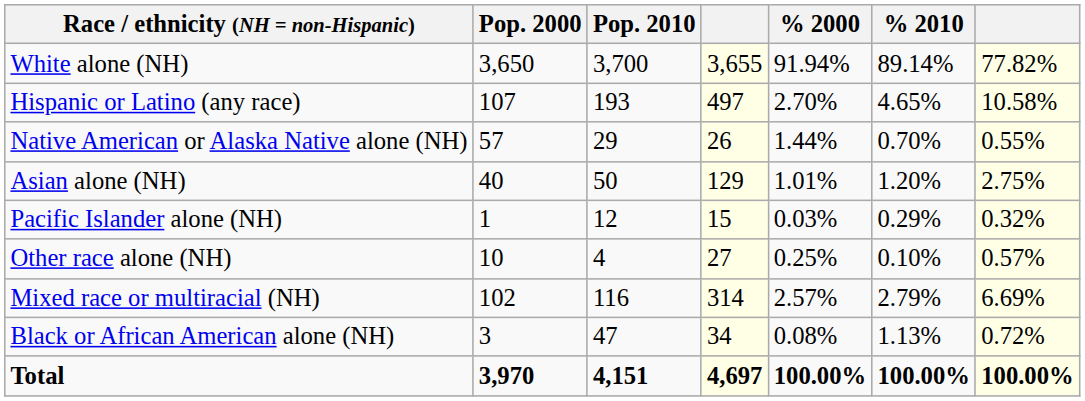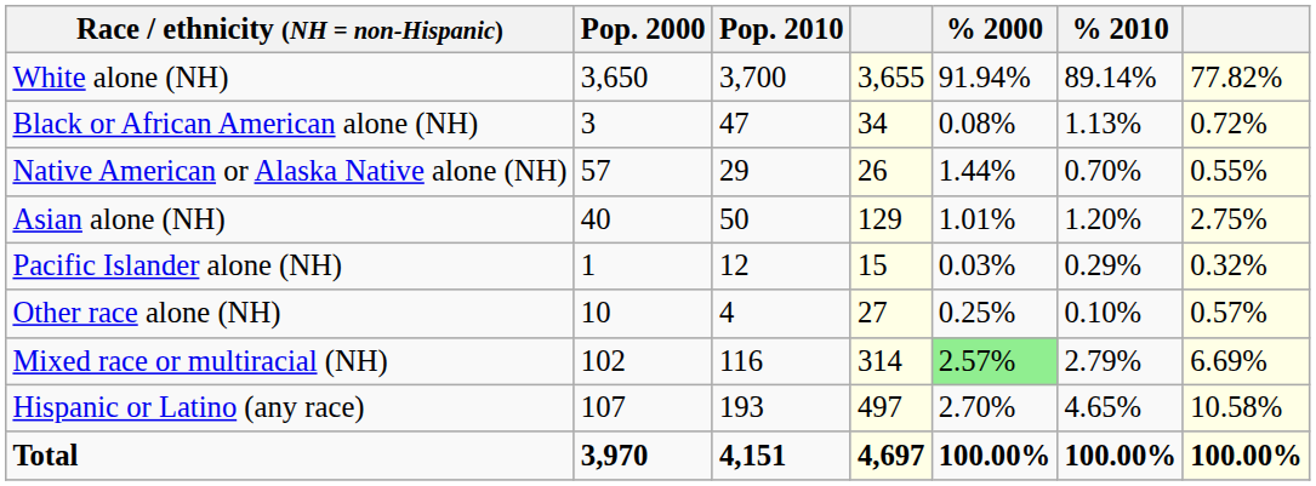 <table class="wikitable">
 <tr>
 <th>Race / ethnicity <small>(<em>NH = non-Hispanic</em>)</small></th>
 <th>Pop. 2000</th>
 <th>Pop. 2010</th>
 <th></th>
 <th>% 2000</th>
 <th>% 2010</th>
 <th></th>
 </tr>
 <tr>
 <td><a href='#'>White</a> alone (NH)</td>
 <td>3,650</td>
 <td>3,700</td>
 <td style='background: #ffffe6;'>3,655</td>
 <td>91.94%</td>
 <td>89.14%</td>
 <td style='background: #ffffe6;'>77.82%</td>
 </tr>
 <tr>
-<td><a href='#'>Hispanic or Latino</a> (any race)</td>
-<td>107</td>
-<td>193</td>
-<td style='background: #ffffe6;'>497</td>
-<td>2.70%</td>
-<td>4.65%</td>
-<td style='background: #ffffe6;'>10.58%</td>
+<td><a href='#'>Black or African American</a> alone (NH)</td>
+<td>3</td>
+<td>47</td>
+<td style='background: #ffffe6;'>34</td>
+<td>0.08%</td>
+<td>1.13%</td>
+<td style='background: #ffffe6;'>0.72%</td>
 </tr>
 <tr>
 <td><a href='#'>Native American</a> or <a href='#'>Alaska Native</a> alone (NH)</td>
 <td>57</td>
 <td>29</td>
 <td style='background: #ffffe6;'>26</td>
 <td>1.44%</td>
 <td>0.70%</td>
 <td style='background: #ffffe6;'>0.55%</td>
 </tr>
 <tr>
 <td><a href='#'>Asian</a> alone (NH)</td>
 <td>40</td>
 <td>50</td>
 <td style='background: #ffffe6;'>129</td>
 <td>1.01%</td>
 <td>1.20%</td>
 <td style='background: #ffffe6;'>2.75%</td>
 </tr>
 <tr>
 <td><a href='#'>Pacific Islander</a> alone (NH)</td>
 <td>1</td>
 <td>12</td>
 <td style='background: #ffffe6;'>15</td>
 <td>0.03%</td>
 <td>0.29%</td>
 <td style='background: #ffffe6;'>0.32%</td>
 </tr>
 <tr>
 <td><a href='#'>Other race</a> alone (NH)</td>
 <td>10</td>
 <td>4</td>
 <td style='background: #ffffe6;'>27</td>
 <td>0.25%</td>
 <td>0.10%</td>
 <td style='background: #ffffe6;'>0.57%</td>
 </tr>
 <tr>
 <td><a href='#'>Mixed race or multiracial</a> (NH)</td>
 <td>102</td>
 <td>116</td>
 <td style='background: #ffffe6;'>314</td>
-<td>2.57%</td>
+<td style="background: lightgreen;">2.57%</td>
 <td>2.79%</td>
 <td style='background: #ffffe6;'>6.69%</td>
 </tr>
 <tr>
-<td><a href='#'>Black or African American</a> alone (NH)</td>
-<td>3</td>
-<td>47</td>
-<td style='background: #ffffe6;'>34</td>
-<td>0.08%</td>
-<td>1.13%</td>
-<td style='background: #ffffe6;'>0.72%</td>
+<td><a href='#'>Hispanic or Latino</a> (any race)</td>
+<td>107</td>
+<td>193</td>
+<td style='background: #ffffe6;'>497</td>
+<td>2.70%</td>
+<td>4.65%</td>
+<td style='background: #ffffe6;'>10.58%</td>
 </tr>
 <tr>
 <td><strong>Total</strong></td>
 <td><strong>3,970</strong></td>
 <td><strong>4,151</strong></td>
 <td style='background: #ffffe6;'><strong>4,697</strong></td>
 <td><strong>100.00%</strong></td>
 <td><strong>100.00%</strong></td>
 <td style='background: #ffffe6;'><strong>100.00%</strong></td>
 </tr>
 </table>
